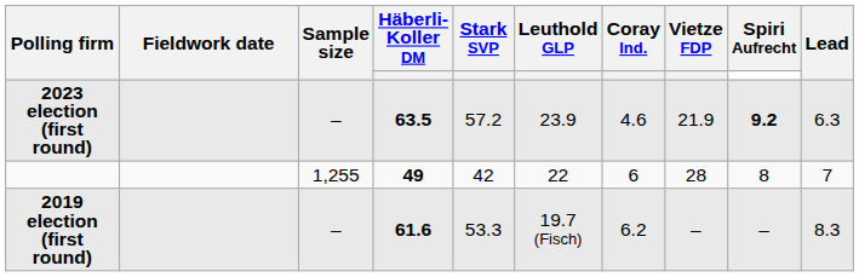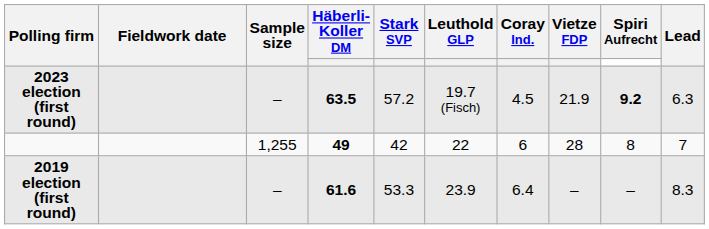 <table class="wikitable sortable" style="text-align:center;font-size:90%;line-height:14px;">
 <tr style="height:40px;">
 <th style="width:80px;" rowspan="2">Polling firm</th>
 <th style="width:130px;" rowspan="2">Fieldwork date</th>
 <th style="width:35px;" rowspan="2">Sample<br>size</th>
 <th class="unsortable" style="width:40px;"><a href='#'>Häberli-<br>Koller</a><br><small><a href='#'>DM</a></small></th>
 <th class="unsortable" style="width:40px;"><a href='#'>Stark</a><br><small><a href='#'>SVP</a></small></th>
 <th class="unsortable" style="width:40px;">Leuthold<br><small><a href='#'>GLP</a></small></th>
 <th class="unsortable" style="width:40px;">Coray<br><small><a href='#'>Ind.</a></small></th>
 <th class="unsortable" style="width:40px;">Vietze<br><small><a href='#'>FDP</a></small></th>
 <th class="unsortable" style="width:40px;">Spiri<br><small>Aufrecht</small></th>
 <th style="width:30px;" rowspan="2">Lead</th>
 </tr>
 <tr>
 <th style="background:"></th>
 <th style="background:"></th>
 <th style="background:"></th>
 <th style="background:"></th>
 <th style="background:"></th>
 <th style="background:#ffffff;"></th>
 </tr>
 <tr style="background:#E9E9E9;">
 <td><strong>2023 election (first round)</strong></td>
 <td></td>
 <td>–</td>
 <td style="background:#"><strong>63.5</strong></td>
 <td>57.2</td>
-<td>23.9</td>
-<td>4.6</td>
+<td>19.7<br><small>(Fisch)</small></td>
+<td>4.5</td>
 <td>21.9</td>
 <td><strong>9.2</strong></td>
 <td style="background:">6.3</td>
 </tr>
 <tr>
 <td></td>
 <td></td>
 <td>1,255</td>
 <td style="background:#"><strong>49</strong></td>
 <td>42</td>
 <td>22</td>
 <td>6</td>
 <td>28</td>
 <td>8</td>
 <td style="background:">7</td>
 </tr>
 <tr style="background:#E9E9E9;">
 <td><strong>2019 election (first round)</strong></td>
 <td></td>
 <td>–</td>
 <td style="background:#"><strong>61.6</strong></td>
 <td>53.3</td>
-<td>19.7<br><small>(Fisch)</small></td>
-<td>6.2</td>
+<td>23.9</td>
+<td>6.4</td>
 <td>–</td>
 <td>–</td>
 <td style="background:">8.3</td>
 </tr>
 </table>
